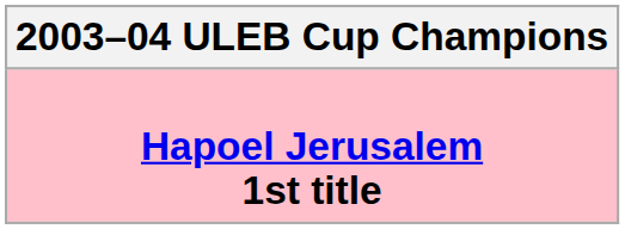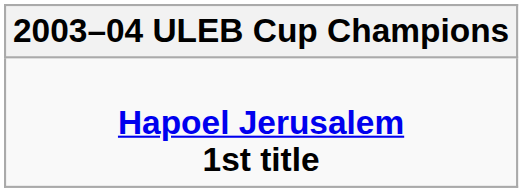 <table class=wikitable style="text-align:center; margin:auto">
 <tr>
 <th>2003–04 ULEB Cup Champions</th>
 </tr>
 <tr>
-<td style="background: pink;"><br> <strong><a href='#'>Hapoel Jerusalem</a></strong> <br> <strong>1st title</strong></td>
+<td><br> <strong><a href='#'>Hapoel Jerusalem</a></strong> <br> <strong>1st title</strong></td>
 </tr>
 </table>
